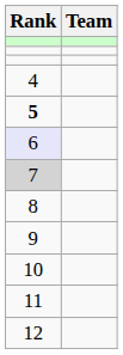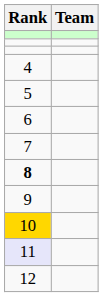 <table class="wikitable">
 <tr>
 <th>Rank</th>
 <th>Team</th>
 </tr>
 <tr bgcolor=#ccffcc>
 <td align=center></td>
 <td></td>
 </tr>
 <tr>
 <td align=center></td>
 <td></td>
 </tr>
 <tr>
 <td align=center></td>
 <td></td>
 </tr>
 <tr>
 <td align=center>4</td>
 <td></td>
 </tr>
 <tr>
-<td align=center><strong>5</strong></td>
+<td align=center>5</td>
 <td></td>
 </tr>
 <tr>
-<td align=center style="background: lavender;">6</td>
+<td align=center>6</td>
 <td></td>
 </tr>
 <tr>
-<td align=center style="background: lightgrey;">7</td>
+<td align=center>7</td>
 <td></td>
 </tr>
 <tr>
-<td align=center>8</td>
+<td align=center><strong>8</strong></td>
 <td></td>
 </tr>
 <tr>
 <td align=center>9</td>
 <td></td>
 </tr>
 <tr>
-<td align=center>10</td>
+<td align=center style="background: gold;">10</td>
 <td></td>
 </tr>
 <tr>
-<td align=center>11</td>
+<td align=center style="background: lavender;">11</td>
 <td></td>
 </tr>
 <tr>
 <td align=center>12</td>
 <td></td>
 </tr>
 </table>
